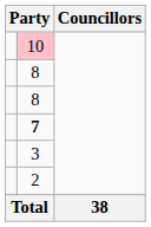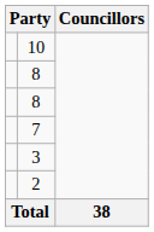 <table class="wikitable">
 <tr>
 <th colspan=2>Party</th>
 <th>Councillors</th>
 </tr>
 <tr>
 <td></td>
-<td align=center style="background: pink;">10</td>
+<td align=center>10</td>
 </tr>
 <tr>
 <td></td>
 <td align=center>8</td>
 </tr>
 <tr>
 <td></td>
 <td align=center>8</td>
 </tr>
 <tr>
 <td></td>
-<td align=center><strong>7</strong></td>
+<td align=center>7</td>
 </tr>
 <tr>
 <td></td>
 <td align=center>3</td>
 </tr>
 <tr>
 <td></td>
 <td align=center>2</td>
 </tr>
 <tr>
 <th colspan=2>Total</th>
 <th align=center>38</th>
 </tr>
 </table>
